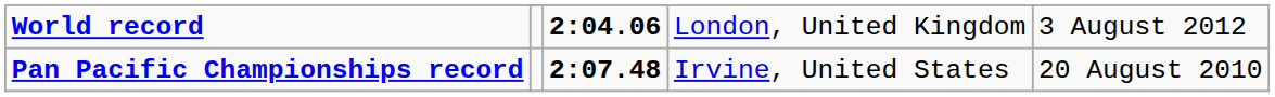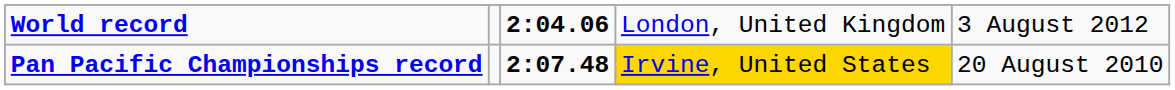 <table class="wikitable">
 <tr>
 <td><strong><a href='#'>World record</a></strong></td>
 <td></td>
 <td><strong>2:04.06</strong></td>
 <td><a href='#'>London</a>, United Kingdom</td>
 <td>3 August 2012</td>
 </tr>
 <tr>
 <td><strong><a href='#'>Pan Pacific Championships record</a></strong></td>
 <td></td>
 <td><strong>2:07.48</strong></td>
-<td><a href='#'>Irvine</a>, United States</td>
+<td style="background: gold;"><a href='#'>Irvine</a>, United States</td>
 <td>20 August 2010</td>
 </tr>
 </table>
